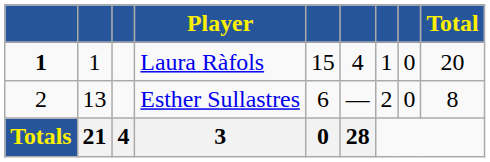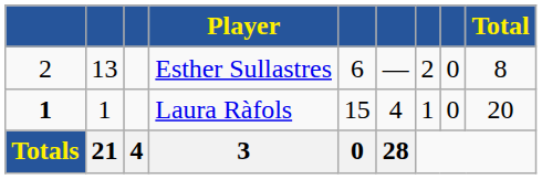 <table class="wikitable" style="text-align:center">
 <tr>
 <th style="background:#26559B; color:#FFF000; "></th>
 <th style="background:#26559B; color:#FFF000; "></th>
 <th style="background:#26559B; color:#FFF000; "></th>
 <th style="background:#26559B; color:#FFF000; ">Player</th>
 <th style="background:#26559B; color:#FFF000; "></th>
 <th style="background:#26559B; color:#FFF000; "></th>
 <th style="background:#26559B; color:#FFF000; "></th>
 <th style="background:#26559B; color:#FFF000; "></th>
 <th style="background:#26559B; color:#FFF000; ">Total</th>
 </tr>
 <tr>
+<td>2</td>
+<td>13</td>
+<td></td>
+<td align="left"><a href='#'>Esther Sullastres</a></td>
+<td>6</td>
+<td>—</td>
+<td>2</td>
+<td>0</td>
+<td>8</td>
+</tr>
+<tr>
 <td><strong>1</strong></td>
 <td>1</td>
 <td></td>
 <td align="left"><a href='#'>Laura Ràfols</a></td>
 <td>15</td>
 <td>4</td>
 <td>1</td>
 <td>0</td>
 <td>20</td>
 </tr>
 <tr>
-<td>2</td>
-<td>13</td>
-<td></td>
-<td align="left"><a href='#'>Esther Sullastres</a></td>
-<td>6</td>
-<td>—</td>
-<td>2</td>
-<td>0</td>
-<td>8</td>
-</tr>
-<tr>
 <th style="background:#26559B; color:#FFF000; "><strong>Totals</strong></th>
 <th>21</th>
 <th>4</th>
 <th>3</th>
 <th>0</th>
 <th>28</th>
 </tr>
 </table>
